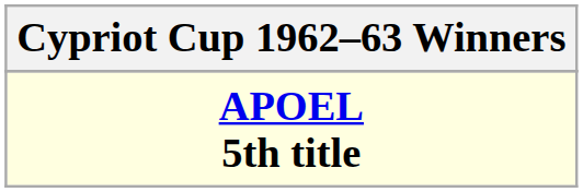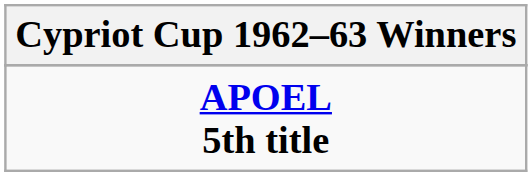 <table class="wikitable" style="text-align:center;margin: 0 auto;">
 <tr>
 <th>Cypriot Cup 1962–63 Winners</th>
 </tr>
 <tr>
 </tr>
 <tr>
-<td style="background: lightyellow;"><strong><a href='#'>APOEL</a></strong><br><strong>5th title</strong></td>
+<td><strong><a href='#'>APOEL</a></strong><br><strong>5th title</strong></td>
 </tr>
 </table>
